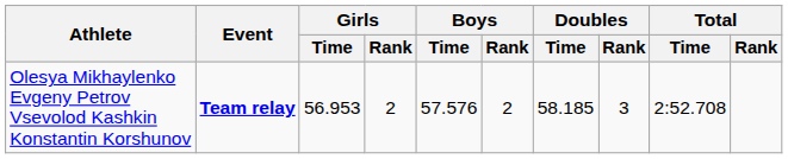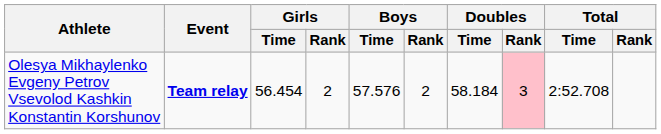 <table class="wikitable" style="font-size:90%">
 <tr>
 <th rowspan=2>Athlete</th>
 <th rowspan=2>Event</th>
 <th colspan=2>Girls</th>
 <th colspan=2>Boys</th>
 <th colspan=2>Doubles</th>
 <th colspan=2>Total</th>
 </tr>
 <tr style="font-size:95%">
 <th>Time</th>
 <th>Rank</th>
 <th>Time</th>
 <th>Rank</th>
 <th>Time</th>
 <th>Rank</th>
 <th>Time</th>
 <th>Rank</th>
 </tr>
 <tr align=center>
 <td align=left><a href='#'>Olesya Mikhaylenko</a><br><a href='#'>Evgeny Petrov</a><br><a href='#'>Vsevolod Kashkin</a><br><a href='#'>Konstantin Korshunov</a></td>
 <td align=left><strong><a href='#'>Team relay</a></strong></td>
-<td>56.953</td>
+<td>56.454</td>
 <td>2</td>
 <td>57.576</td>
 <td>2</td>
-<td>58.185</td>
-<td>3</td>
+<td>58.184</td>
+<td style="background: pink;">3</td>
 <td>2:52.708</td>
 <td></td>
 </tr>
 </table>
